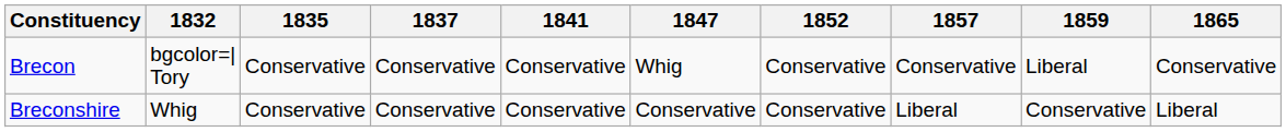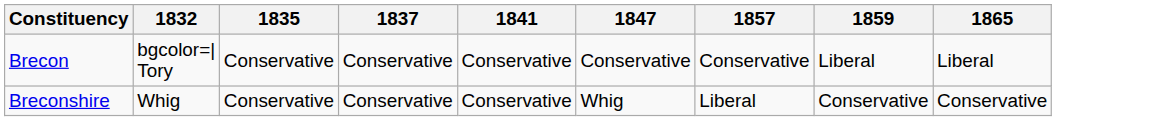 <table class=wikitable sortable>
 <tr>
 <th>Constituency</th>
 <th>1832</th>
 <th>1835</th>
 <th>1837</th>
 <th>1841</th>
 <th>1847</th>
-<th>1852</th>
 <th>1857</th>
 <th>1859</th>
 <th>1865</th>
 </tr>
 <tr>
 <td><a href='#'>Brecon</a></td>
 <td bgcolor=>bgcolor=| Tory</td>
 <td bgcolor=>Conservative</td>
 <td bgcolor=>Conservative</td>
 <td bgcolor=>Conservative</td>
-<td bgcolor=>Whig</td>
 <td bgcolor=>Conservative</td>
 <td bgcolor=>Conservative</td>
 <td bgcolor=>Liberal</td>
-<td bgcolor=>Conservative</td>
+<td bgcolor=>Liberal</td>
 </tr>
 <tr>
 <td><a href='#'>Breconshire</a></td>
 <td bgcolor=>Whig</td>
 <td bgcolor=>Conservative</td>
 <td bgcolor=>Conservative</td>
 <td bgcolor=>Conservative</td>
+<td bgcolor=>Whig</td>
+<td bgcolor=>Liberal</td>
 <td bgcolor=>Conservative</td>
 <td bgcolor=>Conservative</td>
-<td bgcolor=>Liberal</td>
-<td bgcolor=>Conservative</td>
-<td bgcolor=>Liberal</td>
 </tr>
 </table>
